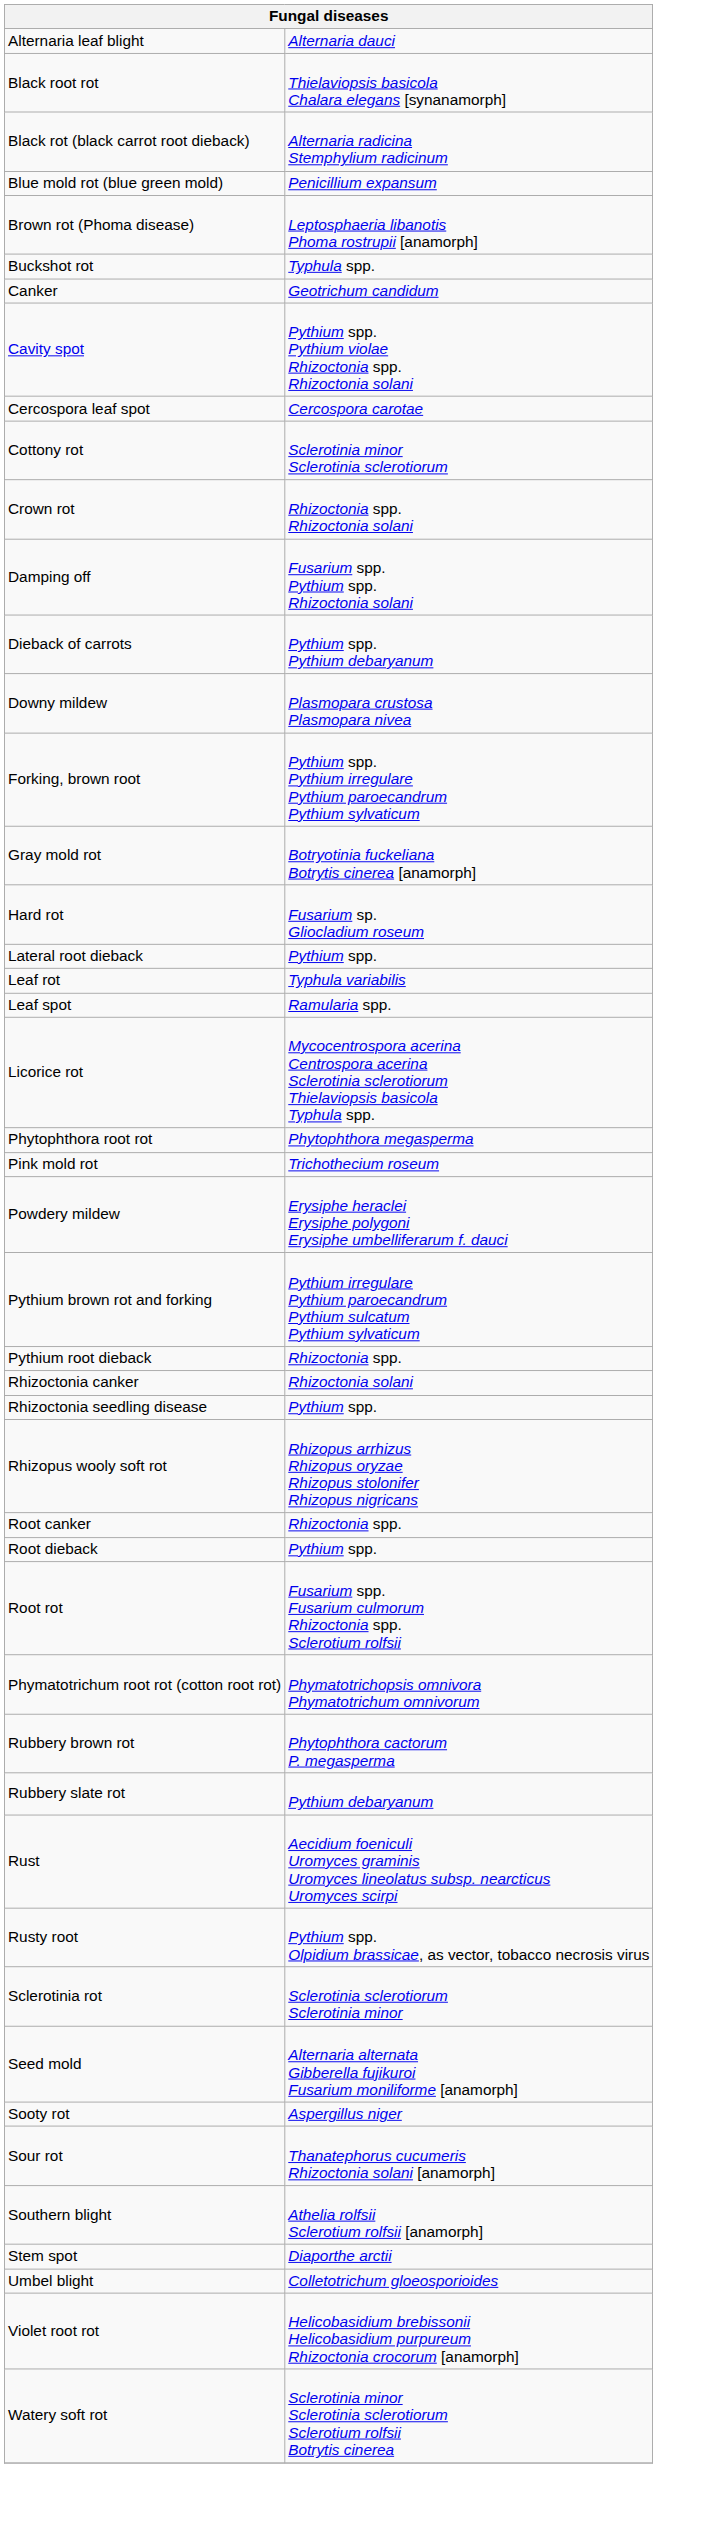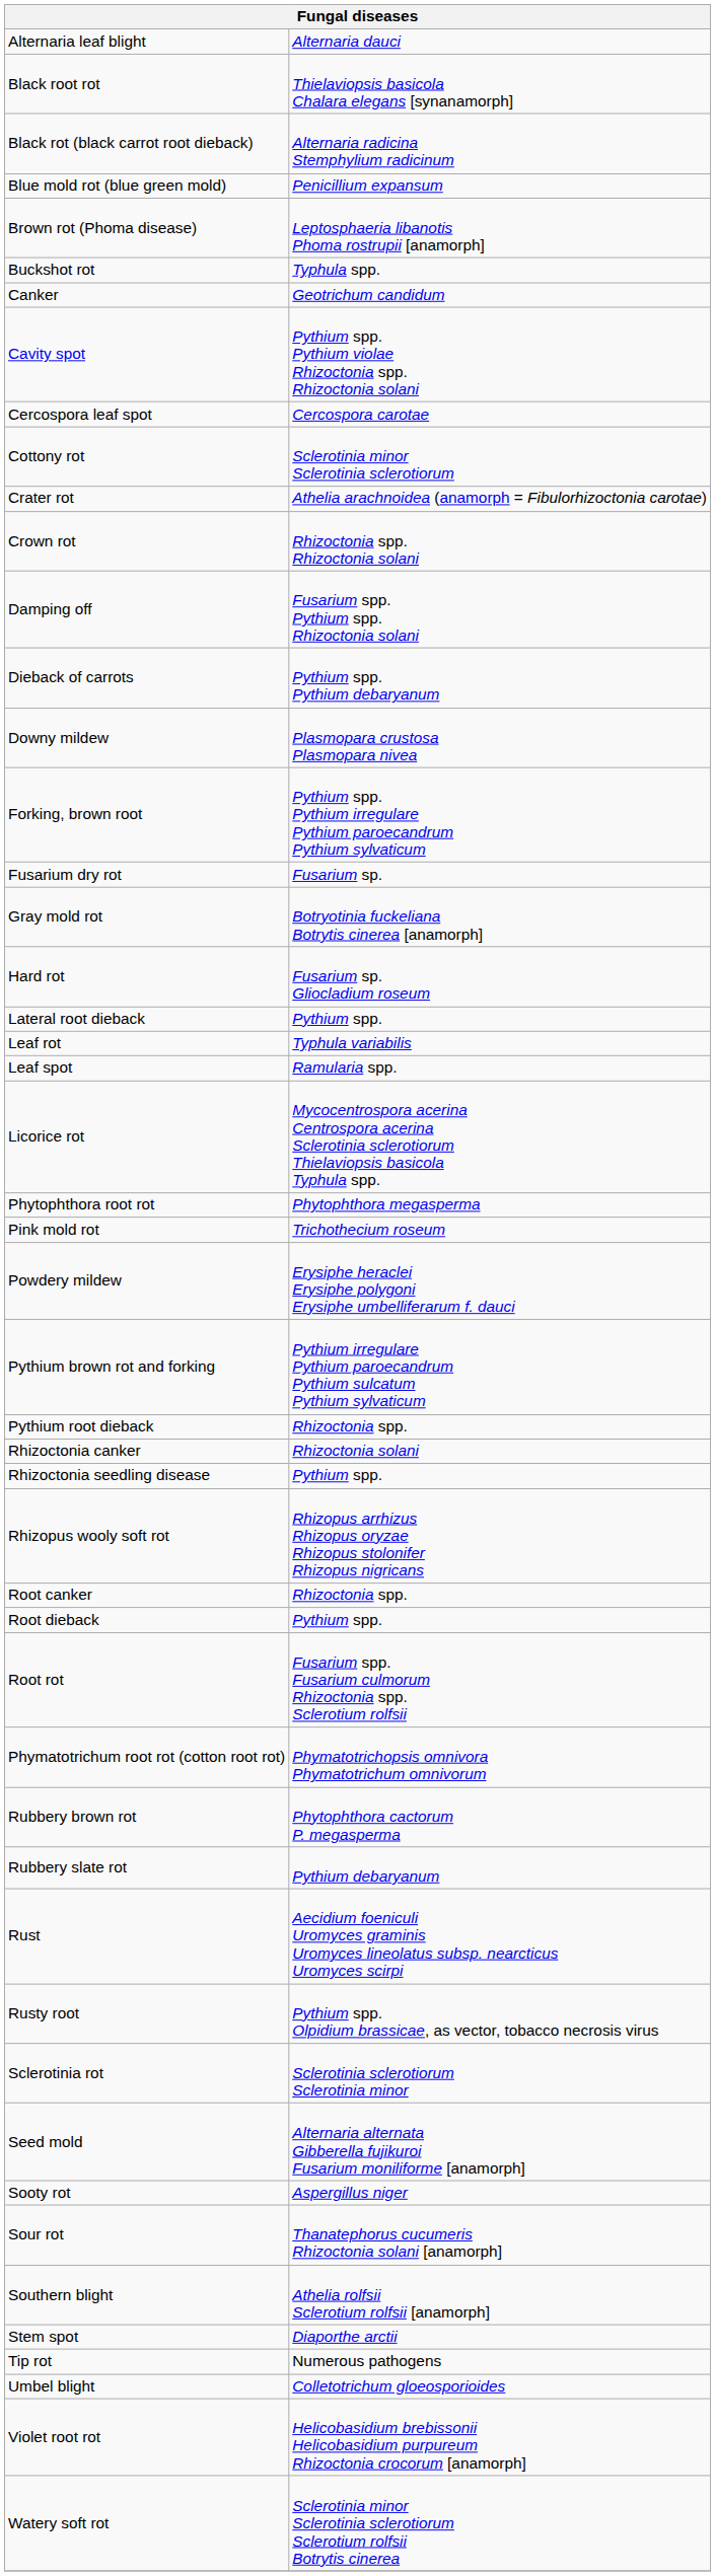 <table class="wikitable" style="clear">
 <tr>
 <th colspan=2><strong>Fungal diseases</strong><br></th>
 </tr>
 <tr>
 <td>Alternaria leaf blight</td>
 <td><em><a href='#'>Alternaria dauci</a></em></td>
 </tr>
 <tr>
 <td>Black root rot</td>
 <td><br><em><a href='#'>Thielaviopsis basicola</a></em><br> <em><a href='#'>Chalara elegans</a></em> [synanamorph]</td>
 </tr>
 <tr>
 <td>Black rot (black carrot root dieback)</td>
 <td><br><em><a href='#'>Alternaria radicina</a></em> <br>  <em><a href='#'>Stemphylium radicinum</a></em></td>
 </tr>
 <tr>
 <td>Blue mold rot (blue green mold)</td>
 <td><em><a href='#'>Penicillium expansum</a></em></td>
 </tr>
 <tr>
 <td>Brown rot (Phoma disease)</td>
 <td><br><em><a href='#'>Leptosphaeria libanotis</a></em><br> <em><a href='#'>Phoma rostrupii</a></em> [anamorph]</td>
 </tr>
 <tr>
 <td>Buckshot rot</td>
 <td><em><a href='#'>Typhula</a></em> spp.</td>
 </tr>
 <tr>
 <td>Canker</td>
 <td><em><a href='#'>Geotrichum candidum</a></em></td>
 </tr>
 <tr>
 <td><a href='#'>Cavity spot</a></td>
 <td><br><em><a href='#'>Pythium</a></em> spp. <br> <em><a href='#'>Pythium violae</a></em><br> <em><a href='#'>Rhizoctonia</a></em> spp. <br> <em><a href='#'>Rhizoctonia solani</a></em></td>
 </tr>
 <tr>
 <td>Cercospora leaf spot</td>
 <td><em><a href='#'>Cercospora carotae</a></em></td>
 </tr>
 <tr>
 <td>Cottony rot</td>
 <td><br><em><a href='#'>Sclerotinia minor</a></em><br> <em><a href='#'>Sclerotinia sclerotiorum</a></em></td>
 </tr>
 <tr>
+<td>Crater rot</td>
+<td><em><a href='#'>Athelia arachnoidea</a></em> (<a href='#'>anamorph</a> = <em>Fibulorhizoctonia carotae</em>)</td>
+</tr>
+<tr>
 <td>Crown rot</td>
 <td><br><em><a href='#'>Rhizoctonia</a></em> spp. <br> <em><a href='#'>Rhizoctonia solani</a></em></td>
 </tr>
 <tr>
 <td>Damping off</td>
 <td><br><em><a href='#'>Fusarium</a></em> spp. <br> <em><a href='#'>Pythium</a></em> spp. <br> <em><a href='#'>Rhizoctonia solani</a></em></td>
 </tr>
 <tr>
 <td>Dieback of carrots</td>
 <td><br><em><a href='#'>Pythium</a></em> spp. <br> <em><a href='#'>Pythium debaryanum</a></em></td>
 </tr>
 <tr>
 <td>Downy mildew</td>
 <td><br><em><a href='#'>Plasmopara crustosa</a></em> <br>  <em><a href='#'>Plasmopara nivea</a></em></td>
 </tr>
 <tr>
 <td>Forking, brown root</td>
 <td><br><em><a href='#'>Pythium</a></em> spp. <br> <em><a href='#'>Pythium irregulare</a></em><br> <em><a href='#'>Pythium paroecandrum</a></em><br> <em><a href='#'>Pythium sylvaticum</a></em></td>
+</tr>
+<tr>
+<td>Fusarium dry rot</td>
+<td><em><a href='#'>Fusarium</a></em> sp.</td>
 </tr>
 <tr>
 <td>Gray mold rot</td>
 <td><br><em><a href='#'>Botryotinia fuckeliana</a></em><br> <em><a href='#'>Botrytis cinerea</a></em> [anamorph]</td>
 </tr>
 <tr>
 <td>Hard rot</td>
 <td><br><em><a href='#'>Fusarium</a></em> sp. <br> <em><a href='#'>Gliocladium roseum</a></em></td>
 </tr>
 <tr>
 <td>Lateral root dieback</td>
 <td><em><a href='#'>Pythium</a></em> spp.</td>
 </tr>
 <tr>
 <td>Leaf rot</td>
 <td><em><a href='#'>Typhula variabilis</a></em></td>
 </tr>
 <tr>
 <td>Leaf spot</td>
 <td><em><a href='#'>Ramularia</a></em> spp.</td>
 </tr>
 <tr>
 <td>Licorice rot</td>
 <td><br><em><a href='#'>Mycocentrospora acerina</a></em> <br>  <em><a href='#'>Centrospora acerina</a></em><br> <em><a href='#'>Sclerotinia sclerotiorum</a></em><br> <em><a href='#'>Thielaviopsis basicola</a></em><br> <em><a href='#'>Typhula</a></em> spp.</td>
 </tr>
 <tr>
 <td>Phytophthora root rot</td>
 <td><em><a href='#'>Phytophthora megasperma</a></em></td>
 </tr>
 <tr>
 <td>Pink mold rot</td>
 <td><em><a href='#'>Trichothecium roseum</a></em></td>
 </tr>
 <tr>
 <td>Powdery mildew</td>
 <td><br><em><a href='#'>Erysiphe heraclei</a></em><br> <em><a href='#'>Erysiphe polygoni</a></em><br> <em><a href='#'>Erysiphe umbelliferarum f. dauci</a></em></td>
 </tr>
 <tr>
 <td>Pythium brown rot and forking</td>
 <td><br><em><a href='#'>Pythium irregulare</a></em><br> <em><a href='#'>Pythium paroecandrum</a></em><br> <em><a href='#'>Pythium sulcatum</a></em><br> <em><a href='#'>Pythium sylvaticum</a></em></td>
 </tr>
 <tr>
 <td>Pythium root dieback</td>
 <td><em><a href='#'>Rhizoctonia</a></em> spp.</td>
 </tr>
 <tr>
 <td>Rhizoctonia canker</td>
 <td><em><a href='#'>Rhizoctonia solani</a></em></td>
 </tr>
 <tr>
 <td>Rhizoctonia seedling disease</td>
 <td><em><a href='#'>Pythium</a></em> spp.</td>
 </tr>
 <tr>
 <td>Rhizopus wooly soft rot</td>
 <td><br><em><a href='#'>Rhizopus arrhizus</a></em> <br>  <em><a href='#'>Rhizopus oryzae</a></em><br> <em><a href='#'>Rhizopus stolonifer</a></em><br>  <em><a href='#'>Rhizopus nigricans</a></em></td>
 </tr>
 <tr>
 <td>Root canker</td>
 <td><em><a href='#'>Rhizoctonia</a></em> spp.</td>
 </tr>
 <tr>
 <td>Root dieback</td>
 <td><em><a href='#'>Pythium</a></em> spp.</td>
 </tr>
 <tr>
 <td>Root rot</td>
 <td><br><em><a href='#'>Fusarium</a></em> spp. <br> <em><a href='#'>Fusarium culmorum</a></em><br> <em><a href='#'>Rhizoctonia</a></em> spp. <br> <em><a href='#'>Sclerotium rolfsii</a></em></td>
 </tr>
 <tr>
 <td>Phymatotrichum root rot (cotton root rot)</td>
 <td><br><em><a href='#'>Phymatotrichopsis omnivora</a></em> <br>  <em><a href='#'>Phymatotrichum omnivorum</a></em></td>
 </tr>
 <tr>
 <td>Rubbery brown rot</td>
 <td><br><em><a href='#'>Phytophthora cactorum</a></em><br> <em><a href='#'>P. megasperma</a></em></td>
 </tr>
 <tr>
 <td>Rubbery slate rot</td>
 <td><br><em><a href='#'>Pythium debaryanum</a></em></td>
 </tr>
 <tr>
 <td>Rust</td>
 <td><br><em><a href='#'>Aecidium foeniculi</a></em><br> <em><a href='#'>Uromyces graminis</a></em><br> <em><a href='#'>Uromyces lineolatus subsp. nearcticus</a></em> <br>  <em><a href='#'>Uromyces scirpi</a></em></td>
 </tr>
 <tr>
 <td>Rusty root</td>
 <td><br><em><a href='#'>Pythium</a></em> spp. <br> <em><a href='#'>Olpidium brassicae</a></em>, as vector, tobacco necrosis virus</td>
 </tr>
 <tr>
 <td>Sclerotinia rot</td>
 <td><br><em><a href='#'>Sclerotinia sclerotiorum</a></em><br> <em><a href='#'>Sclerotinia minor</a></em></td>
 </tr>
 <tr>
 <td>Seed mold</td>
 <td><br><em><a href='#'>Alternaria alternata</a></em><br> <em><a href='#'>Gibberella fujikuroi</a></em><br> <em><a href='#'>Fusarium moniliforme</a></em> [anamorph]</td>
 </tr>
 <tr>
 <td>Sooty rot</td>
 <td><em><a href='#'>Aspergillus niger</a></em></td>
 </tr>
 <tr>
 <td>Sour rot</td>
 <td><br><em><a href='#'>Thanatephorus cucumeris</a></em><br> <em><a href='#'>Rhizoctonia solani</a></em> [anamorph]</td>
 </tr>
 <tr>
 <td>Southern blight</td>
 <td><br><em><a href='#'>Athelia rolfsii</a></em><br> <em><a href='#'>Sclerotium rolfsii</a></em> [anamorph]</td>
 </tr>
 <tr>
 <td>Stem spot</td>
 <td><em><a href='#'>Diaporthe arctii</a></em></td>
 </tr>
 <tr>
+<td>Tip rot</td>
+<td>Numerous pathogens</td>
+</tr>
+<tr>
 <td>Umbel blight</td>
 <td><em><a href='#'>Colletotrichum gloeosporioides</a></em></td>
 </tr>
 <tr>
 <td>Violet root rot</td>
 <td><br><em><a href='#'>Helicobasidium brebissonii</a></em> <br>  <em><a href='#'>Helicobasidium purpureum</a></em><br> <em><a href='#'>Rhizoctonia crocorum</a></em> [anamorph]</td>
 </tr>
 <tr>
 <td>Watery soft rot</td>
 <td><br><em><a href='#'>Sclerotinia minor</a></em><br> <em><a href='#'>Sclerotinia sclerotiorum</a></em><br> <em><a href='#'>Sclerotium rolfsii</a></em><br> <em><a href='#'>Botrytis cinerea</a></em></td>
 </tr>
 <tr>
 </tr>
 </table>
